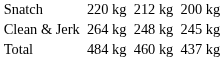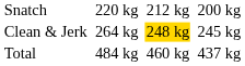 <table>
 <tr>
 <td>Snatch</td>
 <td></td>
 <td>220 kg</td>
 <td></td>
 <td>212 kg</td>
 <td></td>
 <td>200 kg</td>
 </tr>
 <tr>
 <td>Clean & Jerk</td>
 <td></td>
 <td>264 kg</td>
 <td></td>
-<td>248 kg</td>
+<td style="background: gold;">248 kg</td>
 <td></td>
 <td>245 kg</td>
 </tr>
 <tr>
 <td>Total</td>
 <td></td>
 <td>484 kg</td>
 <td></td>
 <td>460 kg</td>
 <td></td>
 <td>437 kg</td>
 </tr>
 </table>
